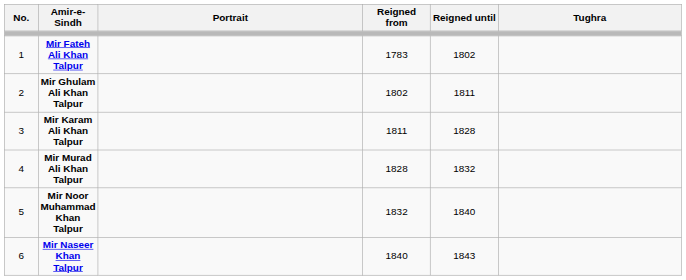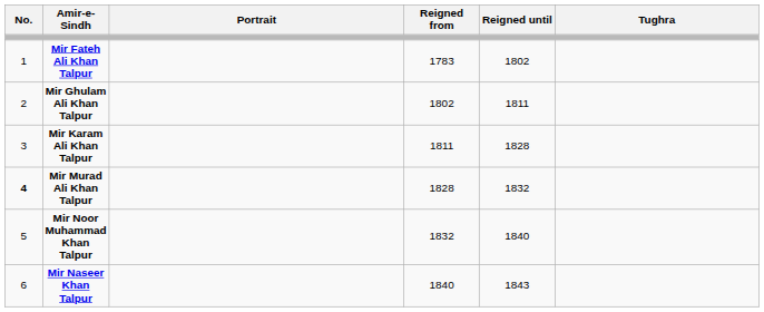 <table class="wikitable" style="width:69%; text-align:center;">
 <tr>
 <th width="5%">No.</th>
 <th width="5%">Amir-e-Sindh</th>
 <th width="80px">Portrait</th>
 <th width="10%">Reigned from</th>
 <th width="10%">Reigned until</th>
 <th width="10px">Tughra</th>
 </tr>
 <tr>
 <td colspan=9 style="background:#B9B9B9"></td>
 </tr>
 <tr>
 <td>1</td>
 <td><strong><a href='#'>Mir Fateh Ali Khan Talpur</a></strong></td>
 <td></td>
 <td>1783</td>
 <td>1802</td>
 <td></td>
 </tr>
 <tr>
 <td>2</td>
 <td><strong>Mir Ghulam Ali Khan Talpur</strong></td>
 <td></td>
 <td>1802</td>
 <td>1811</td>
 <td></td>
 </tr>
 <tr>
 <td>3</td>
 <td><strong>Mir Karam Ali Khan Talpur</strong></td>
 <td></td>
 <td>1811</td>
 <td>1828</td>
 <td></td>
 </tr>
 <tr>
-<td>4</td>
+<td><strong>4</strong></td>
 <td><strong>Mir Murad Ali Khan Talpur</strong></td>
 <td></td>
 <td>1828</td>
 <td>1832</td>
 <td></td>
 </tr>
 <tr>
 <td>5</td>
 <td><strong>Mir Noor Muhammad Khan Talpur</strong></td>
 <td></td>
 <td>1832</td>
 <td>1840</td>
 <td></td>
 </tr>
 <tr>
 <td>6</td>
 <td><strong><a href='#'>Mir Naseer Khan Talpur</a></strong></td>
 <td></td>
 <td>1840</td>
 <td>1843</td>
 <td></td>
 </tr>
 </table>
